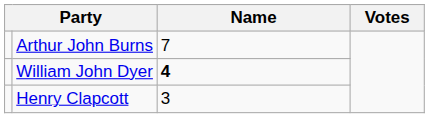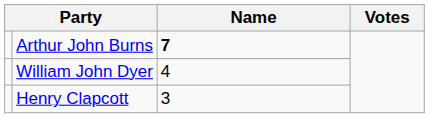 <table class=wikitable>
 <tr>
 <th colspan=2 width=125>Party</th>
 <th width=175>Name</th>
 <th width=62.5>Votes</th>
 </tr>
 <tr>
 <td></td>
 <td><a href='#'>Arthur John Burns</a></td>
-<td>7</td>
+<td><strong>7</strong></td>
 </tr>
 <tr>
 <td></td>
 <td><a href='#'>William John Dyer</a></td>
-<td><strong>4</strong></td>
+<td>4</td>
 </tr>
 <tr>
 <td></td>
 <td><a href='#'>Henry Clapcott</a></td>
 <td>3</td>
 </tr>
 </table>
